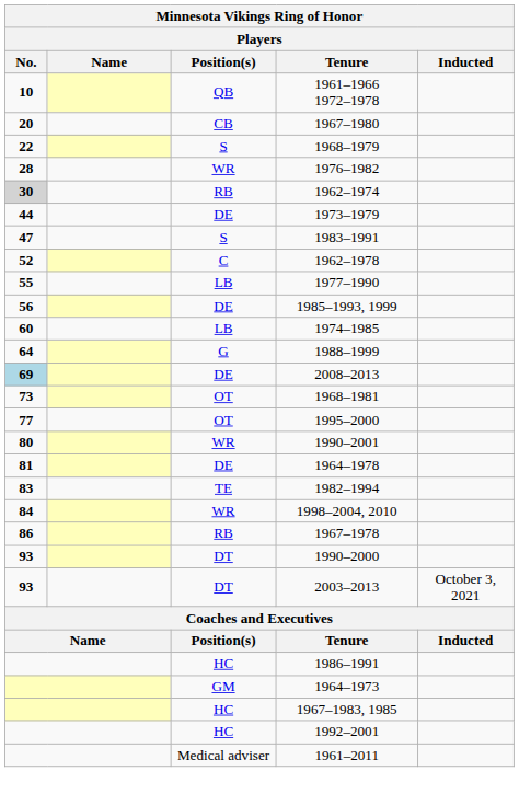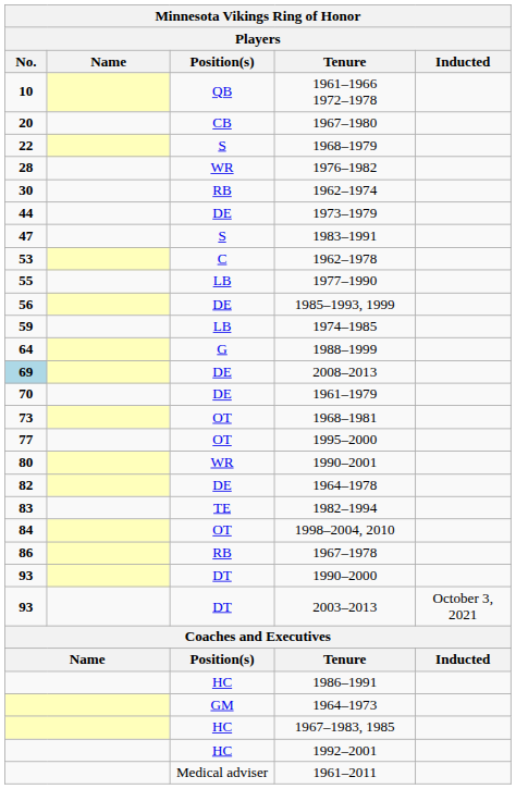 <table class="wikitable sortable" style="text-align:center">
 <tr>
 <th colspan="5">Minnesota Vikings Ring of Honor</th>
 </tr>
 <tr>
 <th colspan="5">Players</th>
 </tr>
 <tr>
 <th style="width:40px">No.</th>
 <th style="width:130px">Name</th>
 <th style="width:110px">Position(s)</th>
 <th style="width:150px">Tenure</th>
 <th style="width:100px">Inducted</th>
 </tr>
 <tr>
 <td><strong>10</strong></td>
 <td style="background:#ffb"></td>
 <td><a href='#'>QB</a></td>
 <td>1961–1966<br>1972–1978</td>
 <td></td>
 </tr>
 <tr>
 <td><strong>20</strong></td>
 <td></td>
 <td><a href='#'>CB</a></td>
 <td>1967–1980</td>
 <td></td>
 </tr>
 <tr>
 <td><strong>22</strong></td>
 <td style="background:#ffb"></td>
 <td><a href='#'>S</a></td>
 <td>1968–1979</td>
 <td></td>
 </tr>
 <tr>
 <td><strong>28</strong></td>
 <td></td>
 <td><a href='#'>WR</a></td>
 <td>1976–1982</td>
 <td></td>
 </tr>
 <tr>
-<td style="background: lightgrey;"><strong>30</strong></td>
+<td><strong>30</strong></td>
 <td></td>
 <td><a href='#'>RB</a></td>
 <td>1962–1974</td>
 <td></td>
 </tr>
 <tr>
 <td><strong>44</strong></td>
 <td></td>
 <td><a href='#'>DE</a></td>
 <td>1973–1979</td>
 <td></td>
 </tr>
 <tr>
 <td><strong>47</strong></td>
 <td></td>
 <td><a href='#'>S</a></td>
 <td>1983–1991</td>
 <td></td>
 </tr>
 <tr>
-<td><strong>52</strong></td>
+<td><strong>53</strong></td>
 <td style="background:#ffb"></td>
 <td><a href='#'>C</a></td>
 <td>1962–1978</td>
 <td></td>
 </tr>
 <tr>
 <td><strong>55</strong></td>
 <td></td>
 <td><a href='#'>LB</a></td>
 <td>1977–1990</td>
 <td></td>
 </tr>
 <tr>
 <td><strong>56</strong></td>
 <td style="background:#ffb"></td>
 <td><a href='#'>DE</a></td>
 <td>1985–1993, 1999</td>
 <td></td>
 </tr>
 <tr>
-<td><strong>60</strong></td>
+<td><strong>59</strong></td>
 <td></td>
 <td><a href='#'>LB</a></td>
 <td>1974–1985</td>
 <td></td>
 </tr>
 <tr>
 <td><strong>64</strong></td>
 <td style="background:#ffb"></td>
 <td><a href='#'>G</a></td>
 <td>1988–1999</td>
 <td></td>
 </tr>
 <tr>
 <td style="background: lightblue;"><strong>69</strong></td>
 <td style="background:#ffb"></td>
 <td><a href='#'>DE</a></td>
 <td>2008–2013</td>
+<td></td>
+</tr>
+<tr>
+<td><strong>70</strong></td>
+<td></td>
+<td><a href='#'>DE</a></td>
+<td>1961–1979</td>
 <td></td>
 </tr>
 <tr>
 <td><strong>73</strong></td>
 <td style="background:#ffb"></td>
 <td><a href='#'>OT</a></td>
 <td>1968–1981</td>
 <td></td>
 </tr>
 <tr>
 <td><strong>77</strong></td>
 <td></td>
 <td><a href='#'>OT</a></td>
 <td>1995–2000</td>
 <td></td>
 </tr>
 <tr>
 <td><strong>80</strong></td>
 <td style="background:#ffb"></td>
 <td><a href='#'>WR</a></td>
 <td>1990–2001</td>
 <td></td>
 </tr>
 <tr>
-<td><strong>81</strong></td>
+<td><strong>82</strong></td>
 <td style="background:#ffb"></td>
 <td><a href='#'>DE</a></td>
 <td>1964–1978</td>
 <td></td>
 </tr>
 <tr>
 <td><strong>83</strong></td>
 <td></td>
 <td><a href='#'>TE</a></td>
 <td>1982–1994</td>
 <td></td>
 </tr>
 <tr>
 <td><strong>84</strong></td>
 <td style="background:#ffb"></td>
-<td><a href='#'>WR</a></td>
+<td><a href='#'>OT</a></td>
 <td>1998–2004, 2010</td>
 <td></td>
 </tr>
 <tr>
 <td><strong>86</strong></td>
 <td style="background:#ffb"></td>
 <td><a href='#'>RB</a></td>
 <td>1967–1978</td>
 <td></td>
 </tr>
 <tr>
 <td><strong>93</strong></td>
 <td style="background:#ffb"></td>
 <td><a href='#'>DT</a></td>
 <td>1990–2000</td>
 <td></td>
 </tr>
 <tr>
 <td><strong>93</strong></td>
 <td></td>
 <td><a href='#'>DT</a></td>
 <td>2003–2013</td>
 <td>October 3, 2021</td>
 </tr>
 <tr>
 <th colspan="5">Coaches and Executives</th>
 </tr>
 <tr>
 <th style="width:130px" colspan=2>Name</th>
 <th style="width:110px">Position(s)</th>
 <th style="width:150px">Tenure</th>
 <th style="width:100px">Inducted</th>
 </tr>
 <tr>
 <td colspan="2"></td>
 <td><a href='#'>HC</a></td>
 <td>1986–1991</td>
 <td></td>
 </tr>
 <tr>
 <td colspan="2" style="background:#ffb"></td>
 <td><a href='#'>GM</a></td>
 <td>1964–1973</td>
 <td></td>
 </tr>
 <tr>
 <td colspan="2" style="background:#ffb"></td>
 <td><a href='#'>HC</a></td>
 <td>1967–1983, 1985</td>
 <td></td>
 </tr>
 <tr>
 <td colspan="2"></td>
 <td><a href='#'>HC</a></td>
 <td>1992–2001</td>
 <td></td>
 </tr>
 <tr>
 <td colspan="2"></td>
 <td>Medical adviser</td>
 <td>1961–2011</td>
 <td></td>
 </tr>
 </table>
